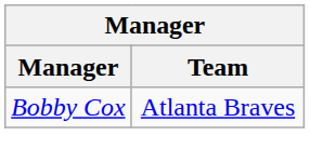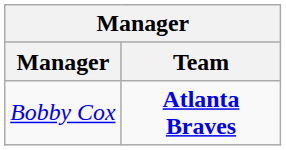 <table class="wikitable" style="font-size: 100%; text-align:center;">
 <tr>
 <th colspan="2">Manager</th>
 </tr>
 <tr>
 <th>Manager</th>
 <th width="100">Team</th>
 </tr>
 <tr>
 <td><em><a href='#'>Bobby Cox</a></em></td>
-<td><a href='#'>Atlanta Braves</a></td>
+<td><strong><a href='#'>Atlanta Braves</a></strong></td>
 </tr>
 </table>
